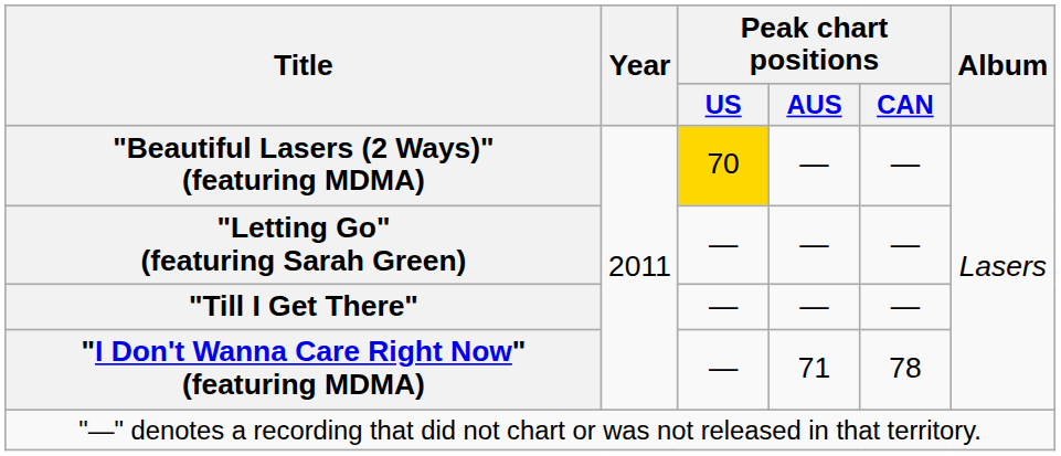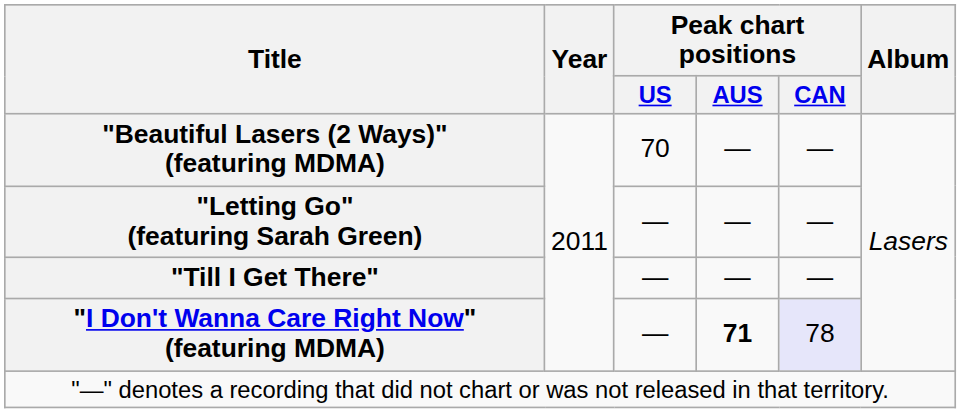 <table class="wikitable plainrowheaders" style="text-align:center;">
 <tr>
 <th scope="col" rowspan="2" style="width:20em;">Title</th>
 <th scope="col" rowspan="2">Year</th>
 <th scope="col" colspan="3">Peak chart positions</th>
 <th scope="col" rowspan="2">Album</th>
 </tr>
 <tr>
 <th style="width:3em;font-size:90%;"><a href='#'>US</a><br></th>
 <th style="width:3em;font-size:90%;"><a href='#'>AUS</a><br></th>
 <th style="width:3em;font-size:90%;"><a href='#'>CAN</a><br></th>
 </tr>
 <tr>
 <th scope="row">"Beautiful Lasers (2 Ways)"<br><span>(featuring MDMA)</span></th>
 <td rowspan="4">2011</td>
-<td style="background: gold;">70</td>
+<td>70</td>
 <td>—</td>
 <td>—</td>
 <td rowspan="4"><em>Lasers</em></td>
 </tr>
 <tr>
 <th scope="row">"Letting Go"<br><span>(featuring Sarah Green)</span></th>
 <td>—</td>
 <td>—</td>
 <td>—</td>
 </tr>
 <tr>
 <th scope="row">"Till I Get There"</th>
 <td>—</td>
 <td>—</td>
 <td>—</td>
 </tr>
 <tr>
 <th scope="row">"<a href='#'>I Don't Wanna Care Right Now</a>"<br><span>(featuring MDMA)</span></th>
 <td>—</td>
-<td>71</td>
-<td>78</td>
+<td><strong>71</strong></td>
+<td style="background: lavender;">78</td>
 </tr>
 <tr>
 <td colspan="14" style="font-size:90%">"—" denotes a recording that did not chart or was not released in that territory.</td>
 </tr>
 </table>
